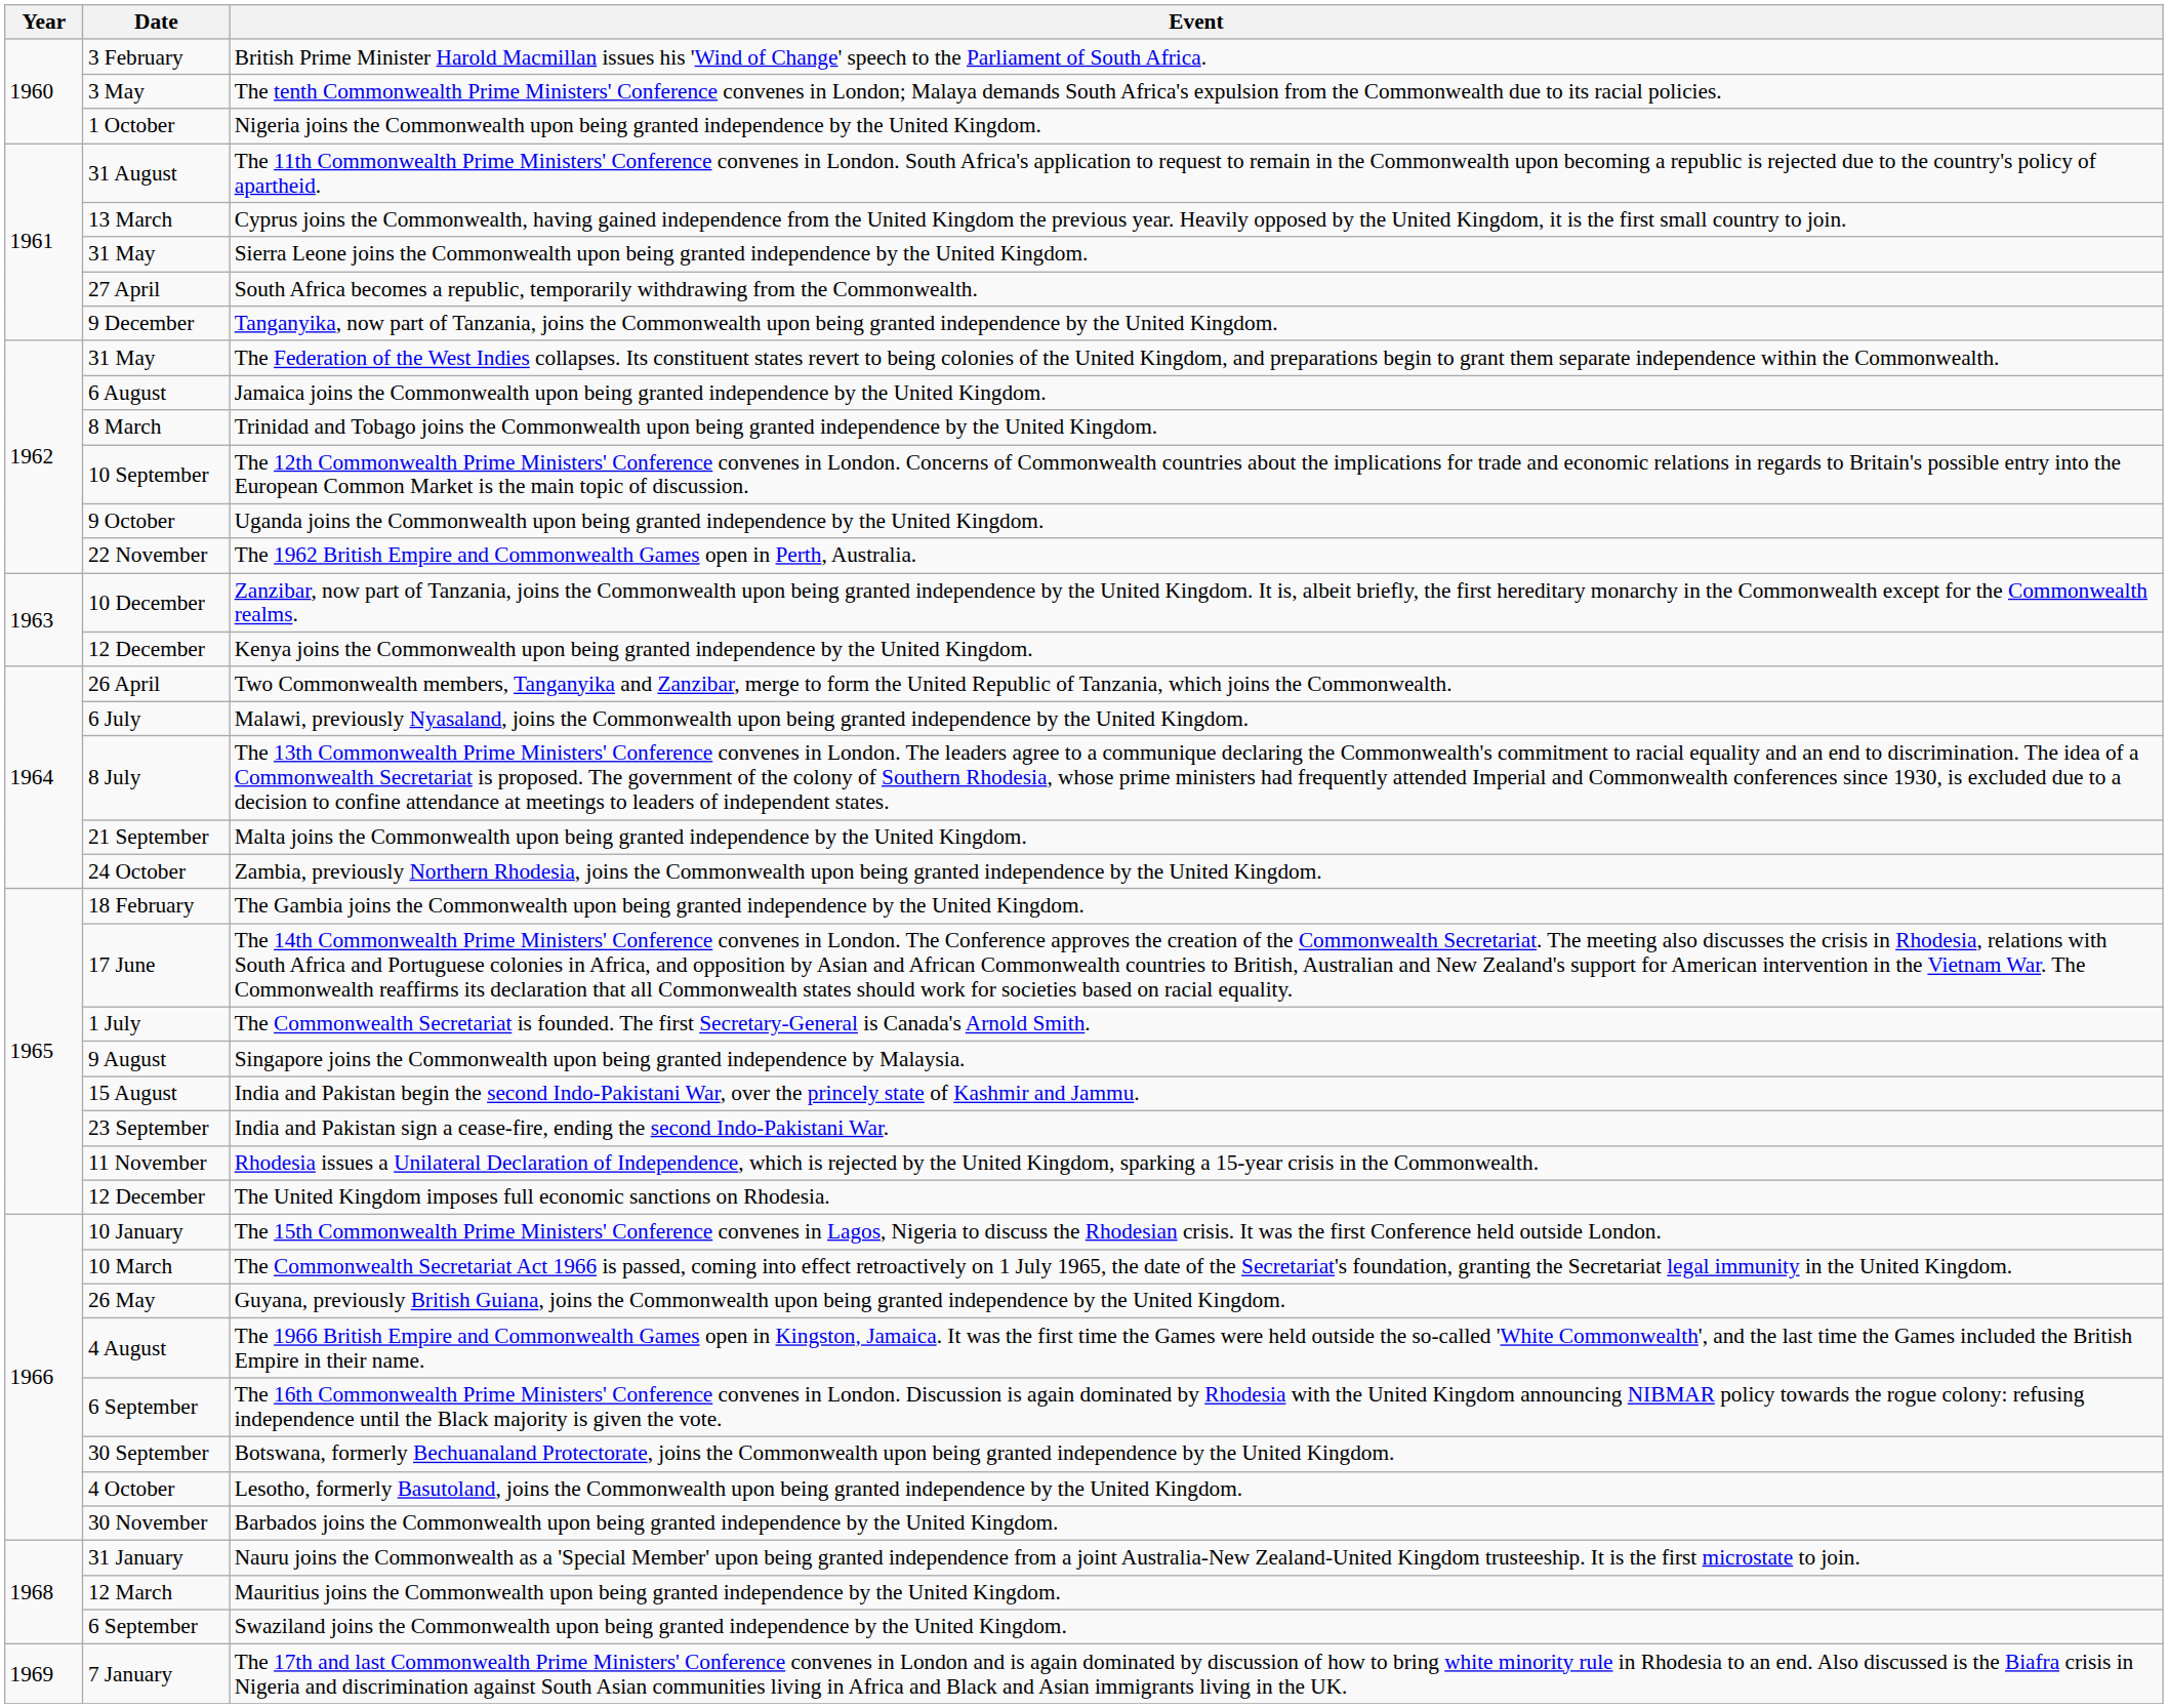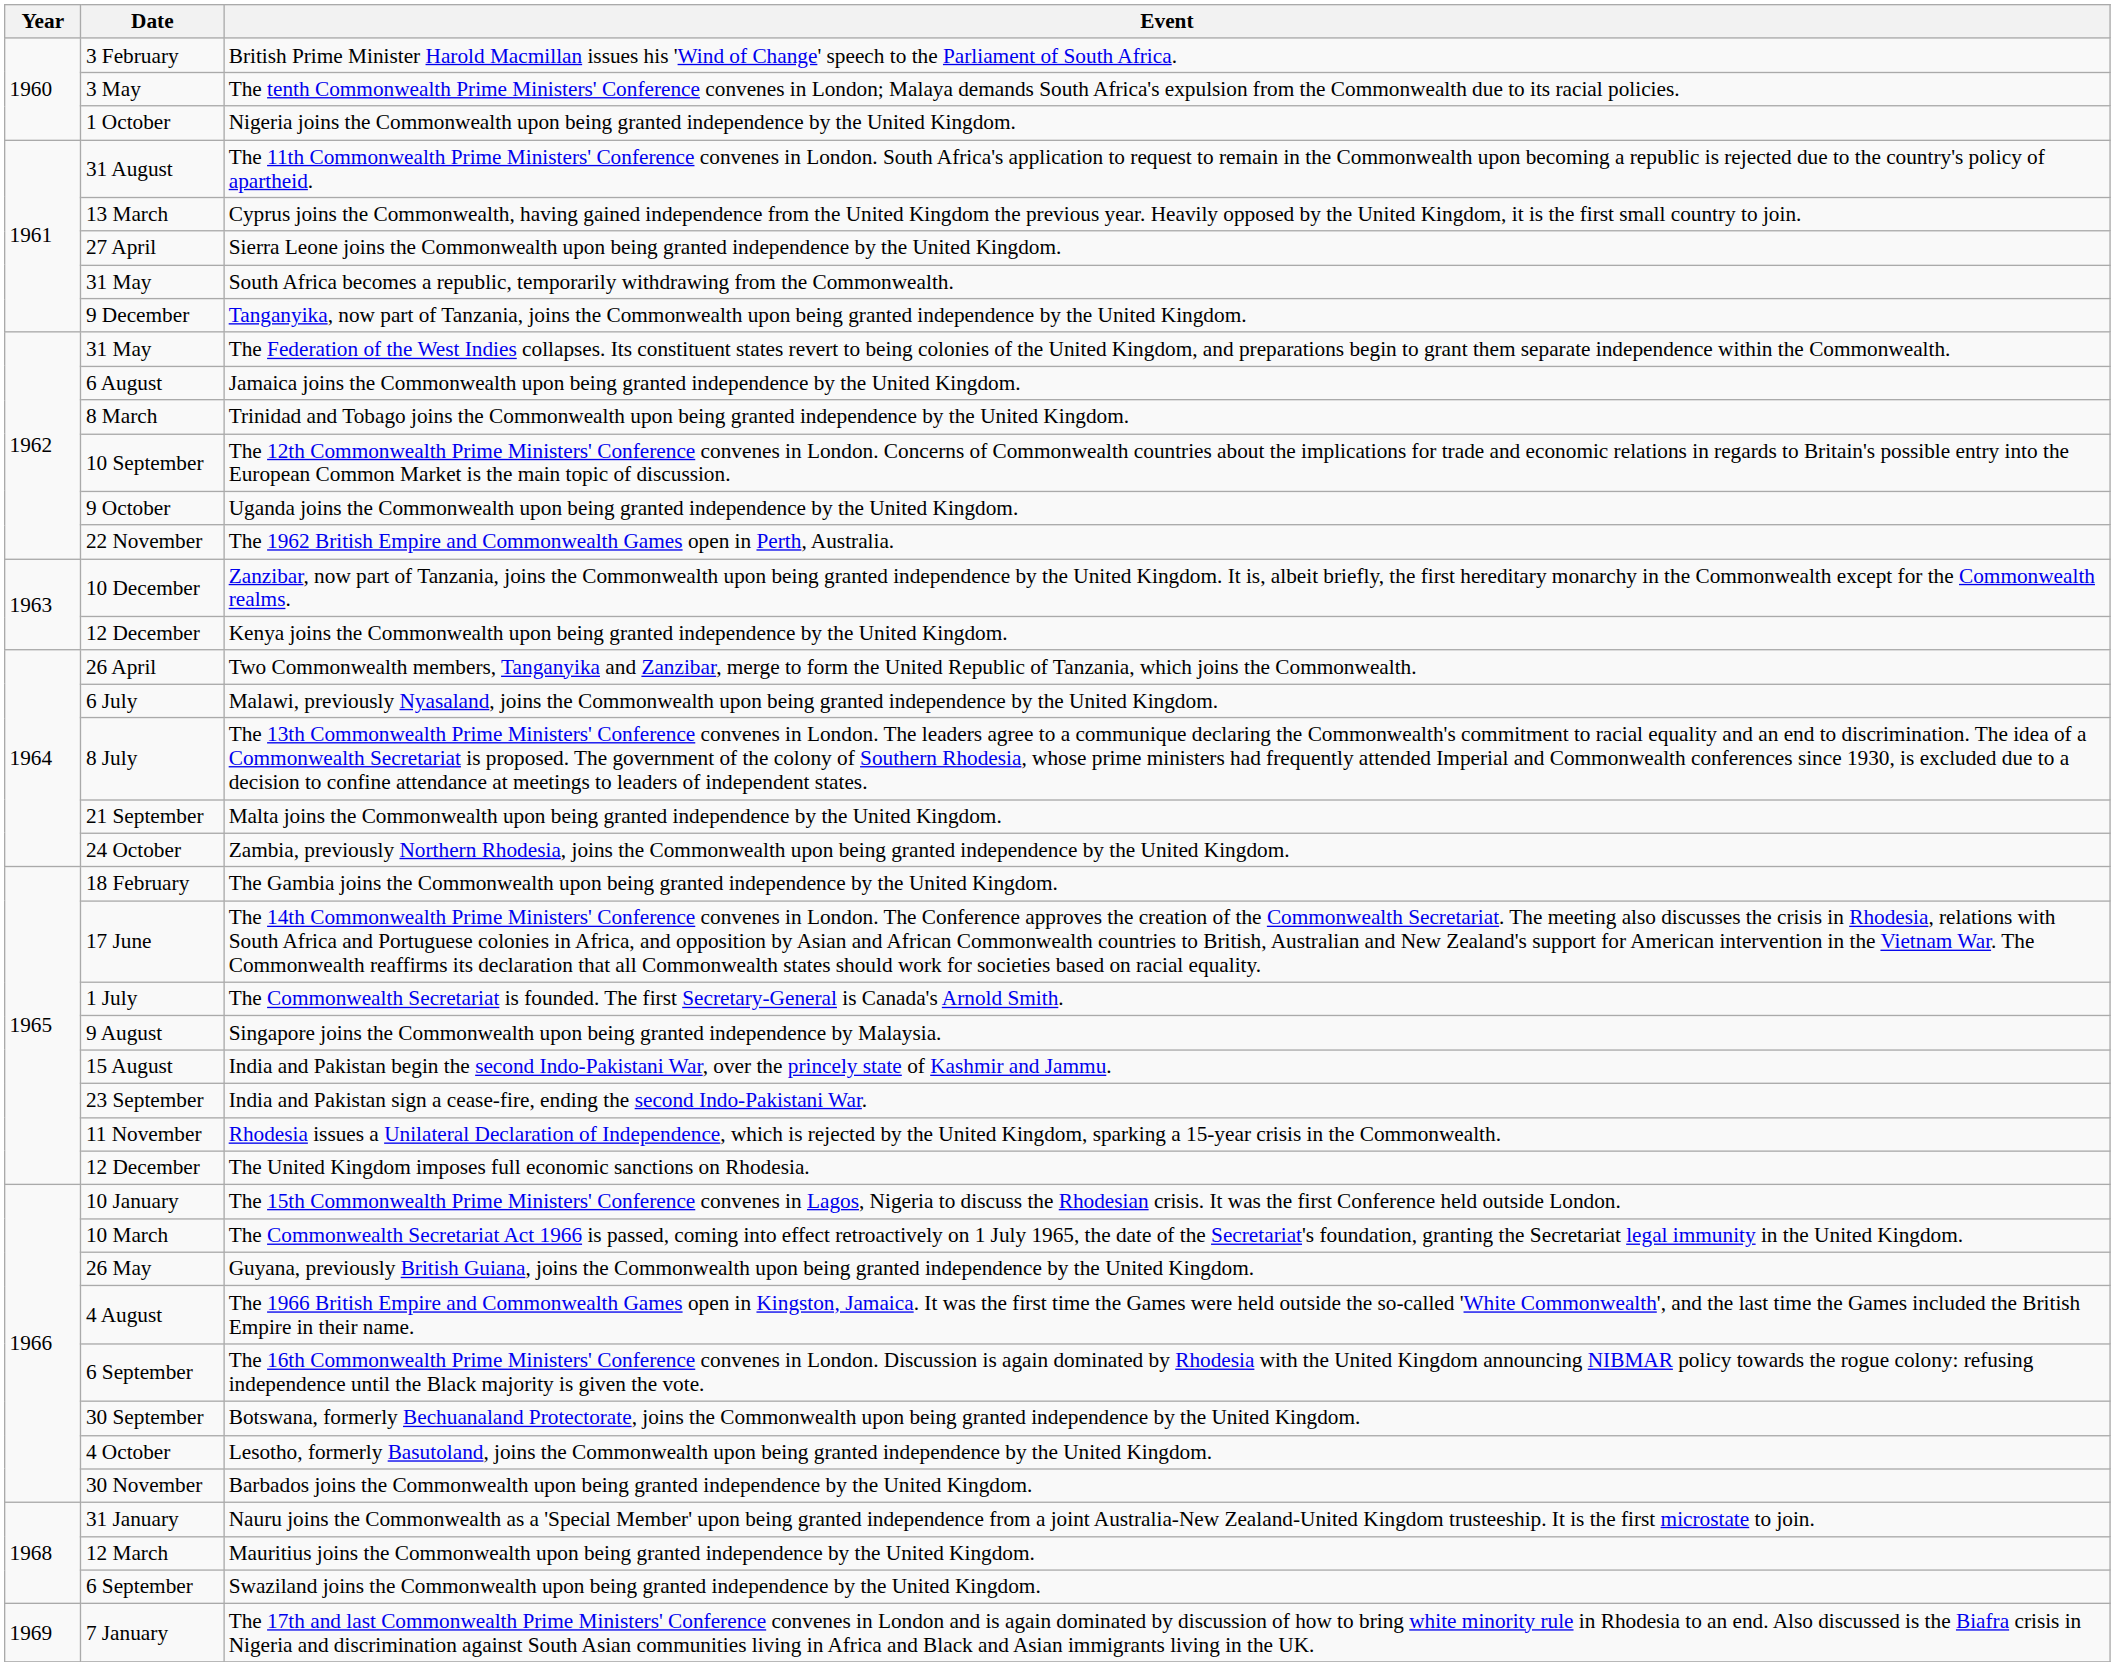 <table class="wikitable" width="100%">
 <tr>
 <th width=50px>Year</th>
 <th width=100px>Date</th>
 <th>Event</th>
 </tr>
 <tr>
 <td rowspan=3>1960</td>
 <td>3 February</td>
 <td>British Prime Minister <a href='#'>Harold Macmillan</a> issues his '<a href='#'>Wind of Change</a>' speech to the <a href='#'>Parliament of South Africa</a>.</td>
 </tr>
 <tr>
 <td>3 May</td>
 <td>The <a href='#'>tenth Commonwealth Prime Ministers' Conference</a> convenes in London; Malaya demands South Africa's expulsion from the Commonwealth due to its racial policies.</td>
 </tr>
 <tr>
 <td>1 October</td>
 <td>Nigeria joins the Commonwealth upon being granted independence by the United Kingdom.</td>
 </tr>
 <tr>
 <td rowspan=5>1961</td>
 <td>31 August</td>
 <td>The <a href='#'>11th Commonwealth Prime Ministers' Conference</a> convenes in London. South Africa's application to request to remain in the Commonwealth upon becoming a republic is rejected due to the country's policy of <a href='#'>apartheid</a>.</td>
 </tr>
 <tr>
 <td>13 March</td>
 <td>Cyprus joins the Commonwealth, having gained independence from the United Kingdom the previous year. Heavily opposed by the United Kingdom, it is the first small country to join.</td>
 </tr>
 <tr>
-<td>31 May</td>
+<td>27 April</td>
 <td>Sierra Leone joins the Commonwealth upon being granted independence by the United Kingdom.</td>
 </tr>
 <tr>
-<td>27 April</td>
+<td>31 May</td>
 <td>South Africa becomes a republic, temporarily withdrawing from the Commonwealth.</td>
 </tr>
 <tr>
 <td>9 December</td>
 <td><a href='#'>Tanganyika</a>, now part of Tanzania, joins the Commonwealth upon being granted independence by the United Kingdom.</td>
 </tr>
 <tr>
 <td rowspan=6>1962</td>
 <td>31 May</td>
 <td>The <a href='#'>Federation of the West Indies</a> collapses. Its constituent states revert to being colonies of the United Kingdom, and preparations begin to grant them separate independence within the Commonwealth.</td>
 </tr>
 <tr>
 <td>6 August</td>
 <td>Jamaica joins the Commonwealth upon being granted independence by the United Kingdom.</td>
 </tr>
 <tr>
 <td>8 March</td>
 <td>Trinidad and Tobago joins the Commonwealth upon being granted independence by the United Kingdom.</td>
 </tr>
 <tr>
 <td>10 September</td>
 <td>The <a href='#'>12th Commonwealth Prime Ministers' Conference</a> convenes in London. Concerns of Commonwealth countries about the implications for trade and economic relations in regards to Britain's possible entry into the European Common Market is the main topic of discussion.</td>
 </tr>
 <tr>
 <td>9 October</td>
 <td>Uganda joins the Commonwealth upon being granted independence by the United Kingdom.</td>
 </tr>
 <tr>
 <td>22 November</td>
 <td>The <a href='#'>1962 British Empire and Commonwealth Games</a> open in <a href='#'>Perth</a>, Australia.</td>
 </tr>
 <tr>
 <td rowspan=2>1963</td>
 <td>10 December</td>
 <td><a href='#'>Zanzibar</a>, now part of Tanzania, joins the Commonwealth upon being granted independence by the United Kingdom. It is, albeit briefly, the first hereditary monarchy in the Commonwealth except for the <a href='#'>Commonwealth realms</a>.</td>
 </tr>
 <tr>
 <td>12 December</td>
 <td>Kenya joins the Commonwealth upon being granted independence by the United Kingdom.</td>
 </tr>
 <tr>
 <td rowspan=5>1964</td>
 <td>26 April</td>
 <td>Two Commonwealth members, <a href='#'>Tanganyika</a> and <a href='#'>Zanzibar</a>, merge to form the United Republic of Tanzania, which joins the Commonwealth.</td>
 </tr>
 <tr>
 <td>6 July</td>
 <td>Malawi, previously <a href='#'>Nyasaland</a>, joins the Commonwealth upon being granted independence by the United Kingdom.</td>
 </tr>
 <tr>
 <td>8 July</td>
 <td>The <a href='#'>13th Commonwealth Prime Ministers' Conference</a> convenes in London. The leaders agree to a communique declaring the Commonwealth's commitment to racial equality and an end to discrimination. The idea of a <a href='#'>Commonwealth Secretariat</a> is proposed. The government of the colony of <a href='#'>Southern Rhodesia</a>, whose prime ministers had frequently attended Imperial and Commonwealth conferences since 1930, is excluded due to a decision to confine attendance at meetings to leaders of independent states.</td>
 </tr>
 <tr>
 <td>21 September</td>
 <td>Malta joins the Commonwealth upon being granted independence by the United Kingdom.</td>
 </tr>
 <tr>
 <td>24 October</td>
 <td>Zambia, previously <a href='#'>Northern Rhodesia</a>, joins the Commonwealth upon being granted independence by the United Kingdom.</td>
 </tr>
 <tr>
 <td rowspan=8>1965</td>
 <td>18 February</td>
 <td>The Gambia joins the Commonwealth upon being granted independence by the United Kingdom.</td>
 </tr>
 <tr>
 <td>17 June</td>
 <td>The <a href='#'>14th Commonwealth Prime Ministers' Conference</a> convenes in London. The Conference approves the creation of the <a href='#'>Commonwealth Secretariat</a>. The meeting also discusses the crisis in <a href='#'>Rhodesia</a>, relations with South Africa and Portuguese colonies in Africa, and opposition by Asian and African Commonwealth countries to British, Australian and New Zealand's support for American intervention in the <a href='#'>Vietnam War</a>. The Commonwealth reaffirms its declaration that all Commonwealth states should work for societies based on racial equality.</td>
 </tr>
 <tr>
 <td>1 July</td>
 <td>The <a href='#'>Commonwealth Secretariat</a> is founded. The first <a href='#'>Secretary-General</a> is Canada's <a href='#'>Arnold Smith</a>.</td>
 </tr>
 <tr>
 <td>9 August</td>
 <td>Singapore joins the Commonwealth upon being granted independence by Malaysia.</td>
 </tr>
 <tr>
 <td>15 August</td>
 <td>India and Pakistan begin the <a href='#'>second Indo-Pakistani War</a>, over the <a href='#'>princely state</a> of <a href='#'>Kashmir and Jammu</a>.</td>
 </tr>
 <tr>
 <td>23 September</td>
 <td>India and Pakistan sign a cease-fire, ending the <a href='#'>second Indo-Pakistani War</a>.</td>
 </tr>
 <tr>
 <td>11 November</td>
 <td><a href='#'>Rhodesia</a> issues a <a href='#'>Unilateral Declaration of Independence</a>, which is rejected by the United Kingdom, sparking a 15-year crisis in the Commonwealth.</td>
 </tr>
 <tr>
 <td>12 December</td>
 <td>The United Kingdom imposes full economic sanctions on Rhodesia.</td>
 </tr>
 <tr>
 <td rowspan=8>1966</td>
 <td>10 January</td>
 <td>The <a href='#'>15th Commonwealth Prime Ministers' Conference</a> convenes in <a href='#'>Lagos</a>, Nigeria to discuss the <a href='#'>Rhodesian</a> crisis. It was the first Conference held outside London.</td>
 </tr>
 <tr>
 <td>10 March</td>
 <td>The <a href='#'>Commonwealth Secretariat Act 1966</a> is passed, coming into effect retroactively on 1 July 1965, the date of the <a href='#'>Secretariat</a>'s foundation, granting the Secretariat <a href='#'>legal immunity</a> in the United Kingdom.</td>
 </tr>
 <tr>
 <td>26 May</td>
 <td>Guyana, previously <a href='#'>British Guiana</a>, joins the Commonwealth upon being granted independence by the United Kingdom.</td>
 </tr>
 <tr>
 <td>4 August</td>
 <td>The <a href='#'>1966 British Empire and Commonwealth Games</a> open in <a href='#'>Kingston, Jamaica</a>. It was the first time the Games were held outside the so-called '<a href='#'>White Commonwealth</a>', and the last time the Games included the British Empire in their name.</td>
 </tr>
 <tr>
 <td>6 September</td>
 <td>The <a href='#'>16th Commonwealth Prime Ministers' Conference</a> convenes in London. Discussion is again dominated by <a href='#'>Rhodesia</a> with the United Kingdom announcing <a href='#'>NIBMAR</a> policy towards the rogue colony: refusing independence until the Black majority is given the vote.</td>
 </tr>
 <tr>
 <td>30 September</td>
 <td>Botswana, formerly <a href='#'>Bechuanaland Protectorate</a>, joins the Commonwealth upon being granted independence by the United Kingdom.</td>
 </tr>
 <tr>
 <td>4 October</td>
 <td>Lesotho, formerly <a href='#'>Basutoland</a>, joins the Commonwealth upon being granted independence by the United Kingdom.</td>
 </tr>
 <tr>
 <td>30 November</td>
 <td>Barbados joins the Commonwealth upon being granted independence by the United Kingdom.</td>
 </tr>
 <tr>
 <td rowspan=3>1968</td>
 <td>31 January</td>
 <td>Nauru joins the Commonwealth as a 'Special Member' upon being granted independence from a joint Australia-New Zealand-United Kingdom trusteeship. It is the first <a href='#'>microstate</a> to join.</td>
 </tr>
 <tr>
 <td>12 March</td>
 <td>Mauritius joins the Commonwealth upon being granted independence by the United Kingdom.</td>
 </tr>
 <tr>
 <td>6 September</td>
 <td>Swaziland joins the Commonwealth upon being granted independence by the United Kingdom.</td>
 </tr>
 <tr>
 <td>1969</td>
 <td>7 January</td>
 <td>The <a href='#'>17th and last Commonwealth Prime Ministers' Conference</a> convenes in London and is again dominated by discussion of how to bring <a href='#'>white minority rule</a> in Rhodesia to an end. Also discussed is the <a href='#'>Biafra</a> crisis in Nigeria and discrimination against South Asian communities living in Africa and Black and Asian immigrants living in the UK.</td>
 </tr>
 </table>
